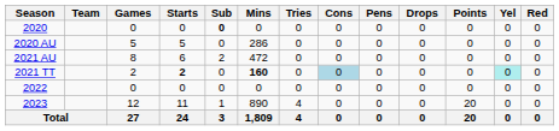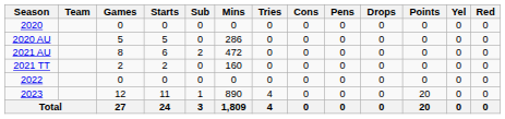 <table class="wikitable" style="text-align:center; line-height:90%; font-size:95%; width:60%;">
 <tr>
 <th>Season</th>
 <th>Team</th>
 <th>Games</th>
 <th>Starts</th>
 <th>Sub</th>
 <th>Mins</th>
 <th>Tries</th>
 <th>Cons</th>
 <th>Pens</th>
 <th>Drops</th>
 <th>Points</th>
 <th>Yel</th>
 <th>Red</th>
 </tr>
 <tr>
 <td><a href='#'>2020</a></td>
 <td></td>
 <td>0</td>
 <td>0</td>
-<td><strong>0</strong></td>
+<td>0</td>
 <td>0</td>
 <td>0</td>
 <td>0</td>
 <td>0</td>
 <td>0</td>
 <td>0</td>
 <td>0</td>
 <td>0</td>
 </tr>
 <tr>
 <td><a href='#'>2020 AU</a></td>
 <td></td>
 <td>5</td>
 <td>5</td>
 <td>0</td>
 <td>286</td>
 <td>0</td>
 <td>0</td>
 <td>0</td>
 <td>0</td>
 <td>0</td>
 <td>0</td>
 <td>0</td>
 </tr>
 <tr>
 <td><a href='#'>2021 AU</a></td>
 <td></td>
 <td>8</td>
 <td>6</td>
 <td>2</td>
 <td>472</td>
 <td>0</td>
 <td>0</td>
 <td>0</td>
 <td>0</td>
 <td>0</td>
 <td>0</td>
 <td>0</td>
 </tr>
 <tr>
 <td><a href='#'>2021 TT</a></td>
 <td></td>
 <td>2</td>
-<td><strong>2</strong></td>
+<td>2</td>
 <td>0</td>
-<td><strong>160</strong></td>
-<td>0</td>
-<td style="background: lightblue;">0</td>
+<td>160</td>
 <td>0</td>
 <td>0</td>
 <td>0</td>
-<td style="background: paleturquoise;">0</td>
+<td>0</td>
+<td>0</td>
+<td>0</td>
 <td>0</td>
 </tr>
 <tr>
 <td><a href='#'>2022</a></td>
 <td></td>
 <td>0</td>
 <td>0</td>
 <td>0</td>
 <td>0</td>
 <td>0</td>
 <td>0</td>
 <td>0</td>
 <td>0</td>
 <td>0</td>
 <td>0</td>
 <td>0</td>
 </tr>
 <tr>
 <td><a href='#'>2023</a></td>
 <td></td>
 <td>12</td>
 <td>11</td>
 <td>1</td>
 <td>890</td>
 <td>4</td>
 <td>0</td>
 <td>0</td>
 <td>0</td>
 <td>20</td>
 <td>0</td>
 <td>0</td>
 </tr>
 <tr>
 <th colspan="2">Total</th>
 <th>27</th>
 <th>24</th>
 <th>3</th>
 <th>1,809</th>
 <th>4</th>
 <th>0</th>
 <th>0</th>
 <th>0</th>
 <th>20</th>
 <th>0</th>
 <th>0</th>
 </tr>
 </table>
